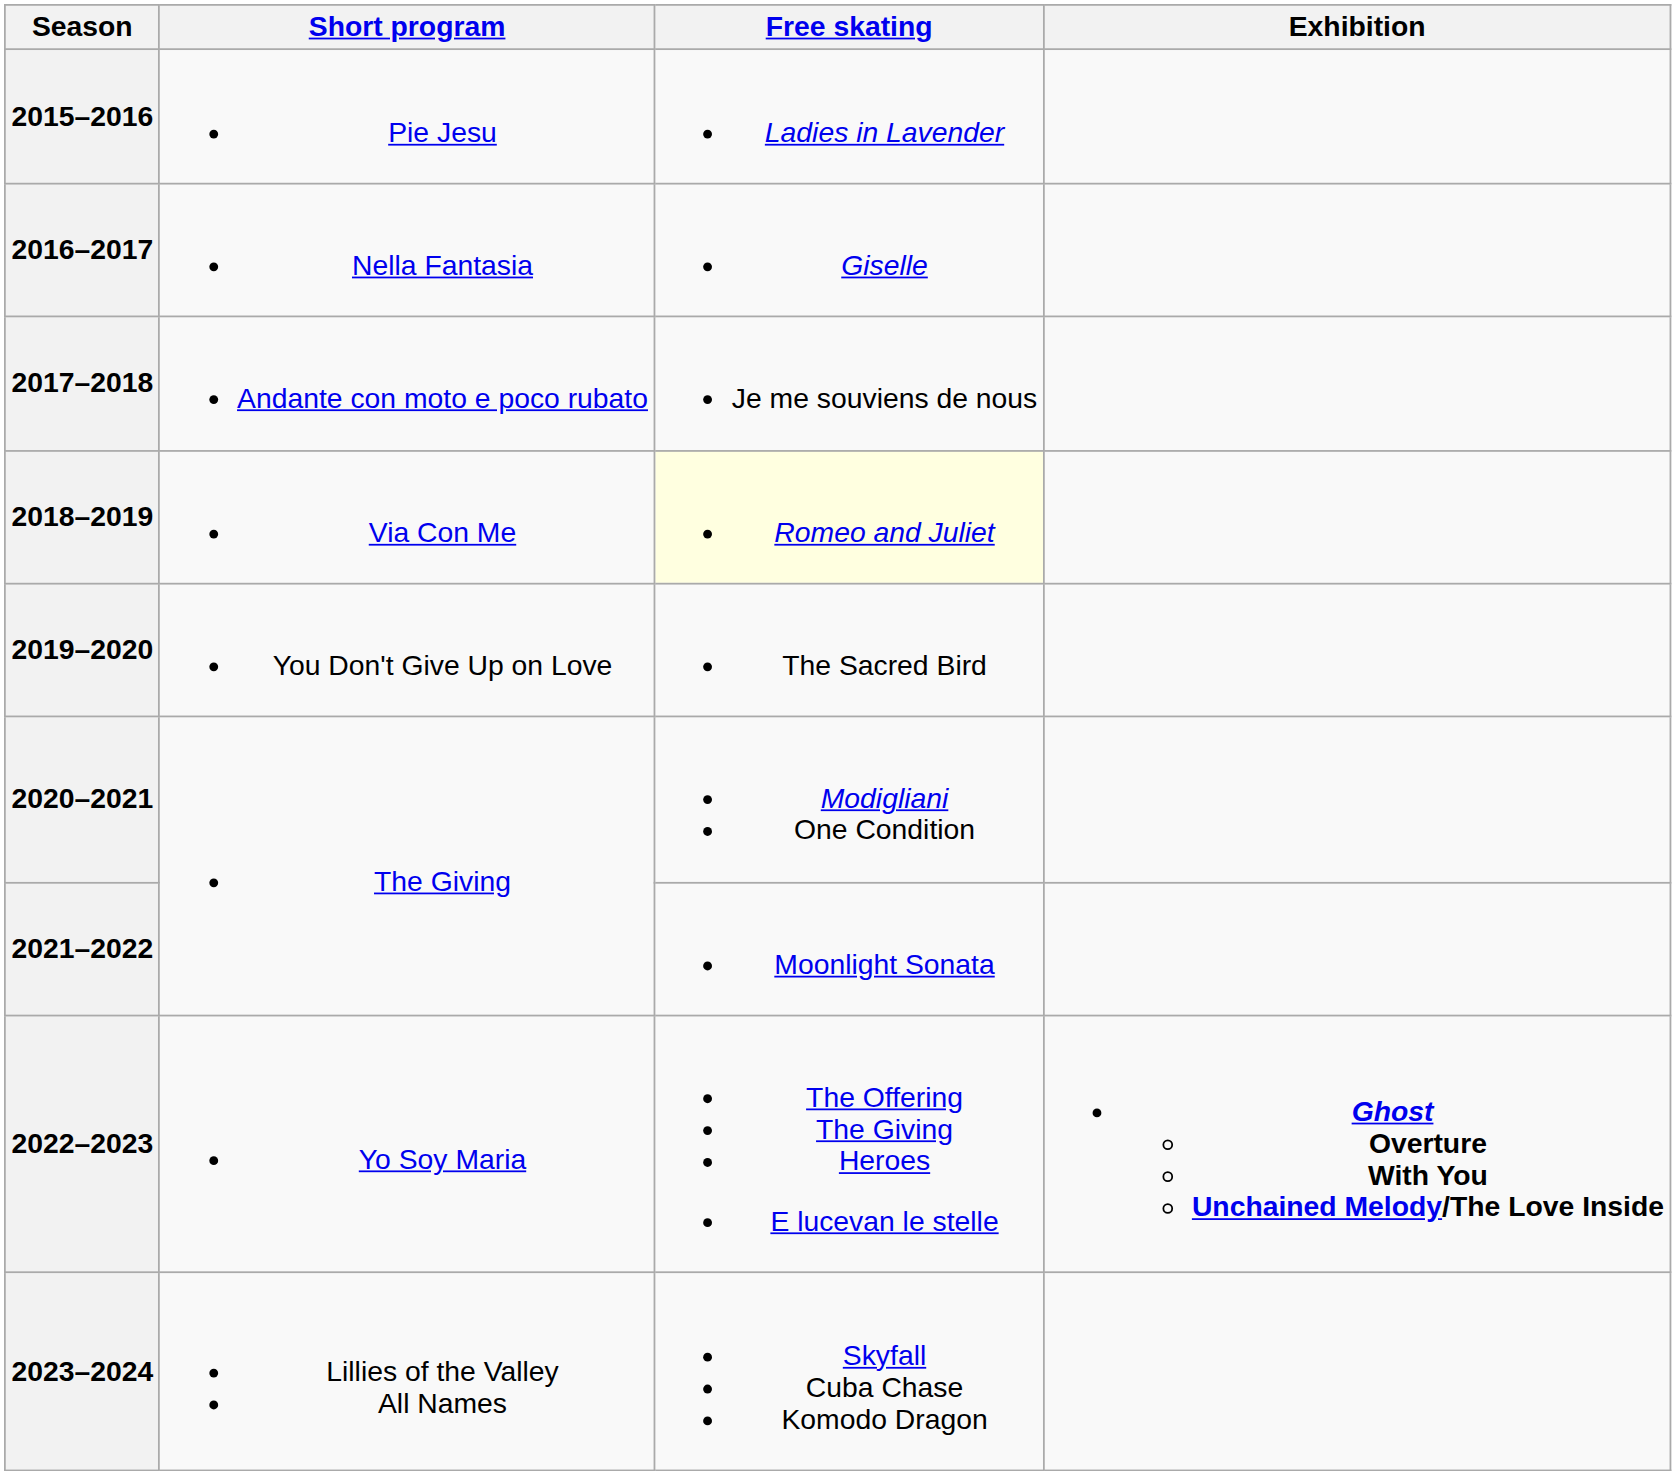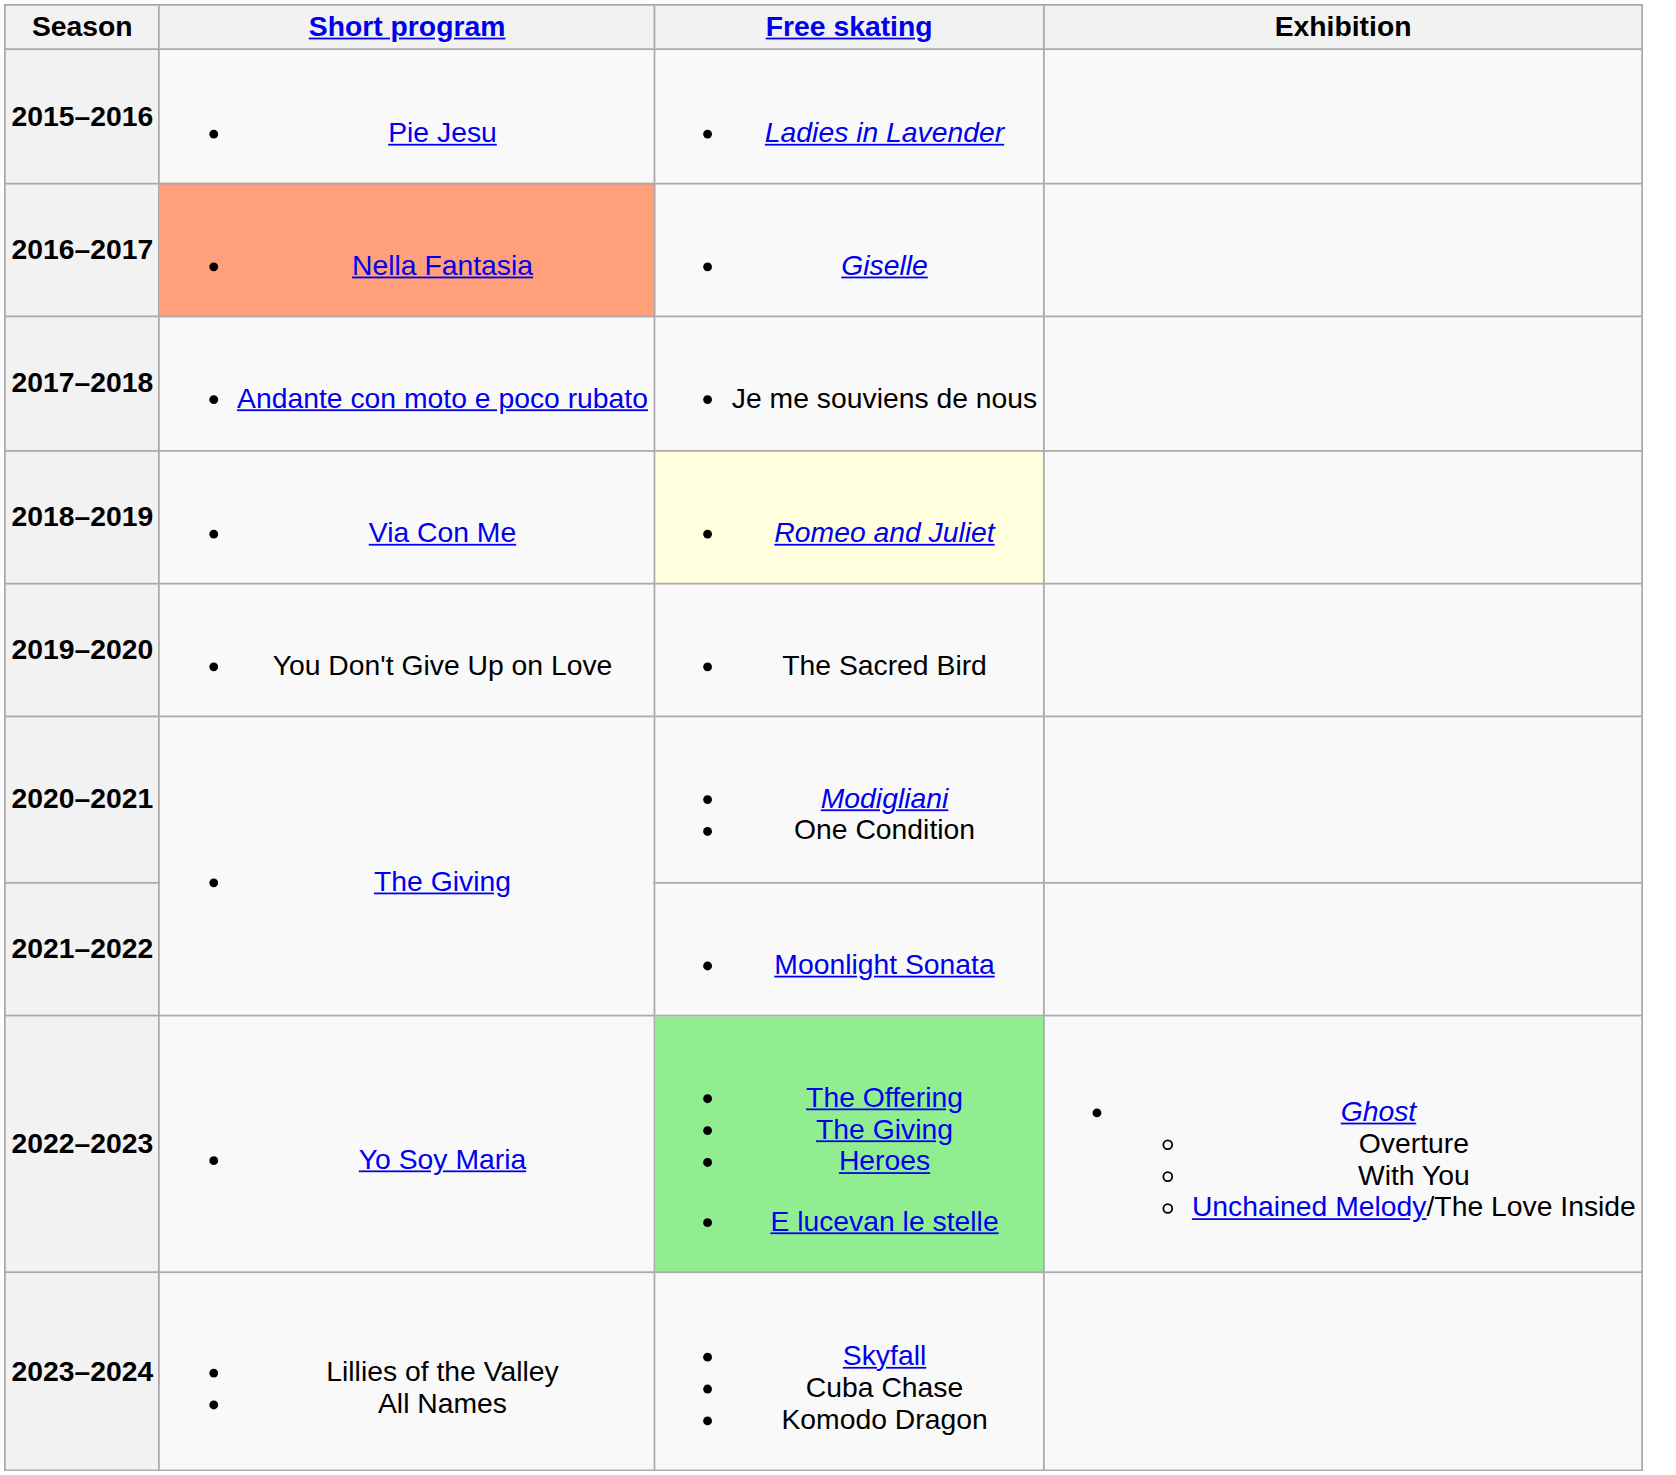 <table class="wikitable" style="text-align:center">
 <tr>
 <th>Season</th>
 <th><a href='#'>Short program</a></th>
 <th><a href='#'>Free skating</a></th>
 <th>Exhibition</th>
 </tr>
 <tr>
 <th>2015–2016<br></th>
 <td><br><ul><li><a href='#'>Pie Jesu</a><br></li></ul></td>
 <td><br><ul><li><em><a href='#'>Ladies in Lavender</a></em><br></li></ul></td>
 <td></td>
 </tr>
 <tr>
 <th>2016–2017<br></th>
-<td><br><ul><li><a href='#'>Nella Fantasia</a><br></li></ul></td>
+<td style="background: lightsalmon;"><br><ul><li><a href='#'>Nella Fantasia</a><br></li></ul></td>
 <td><br><ul><li><em><a href='#'>Giselle</a></em><br></li></ul></td>
 <td></td>
 </tr>
 <tr>
 <th>2017–2018<br></th>
 <td><br><ul><li><a href='#'>Andante con moto e poco rubato</a><br></li></ul></td>
 <td><br><ul><li>Je me souviens de nous<br></li></ul></td>
 <td></td>
 </tr>
 <tr>
 <th>2018–2019<br></th>
 <td><br><ul><li><a href='#'>Via Con Me</a><br></li></ul></td>
 <td style="background: lightyellow;"><br><ul><li><em><a href='#'>Romeo and Juliet</a></em><br></li></ul></td>
 <td></td>
 </tr>
 <tr>
 <th>2019–2020<br></th>
 <td><br><ul><li>You Don't Give Up on Love<br></li></ul></td>
 <td><br><ul><li>The Sacred Bird<br></li></ul></td>
 <td></td>
 </tr>
 <tr>
 <th>2020–2021<br></th>
 <td rowspan=2><br><ul><li><a href='#'>The Giving</a><br></li></ul></td>
 <td><br><ul><li><a href='#'><em>Modigliani</em></a></li><li>One Condition<br></li></ul></td>
 <td></td>
 </tr>
 <tr>
 <th>2021–2022 <br> </th>
 <td><br><ul><li><a href='#'>Moonlight Sonata</a><br></li></ul></td>
 <td></td>
 </tr>
 <tr>
 <th>2022–2023 <br> </th>
 <td><br><ul><li><a href='#'>Yo Soy Maria</a><br></li></ul></td>
-<td><br><ul><li><a href='#'>The Offering</a></li><li><a href='#'>The Giving</a></li><li><a href='#'>Heroes</a><br></li></ul><ul><li><a href='#'>E lucevan le stelle</a><br></li></ul></td>
-<td><strong><br><ul><li><em><a href='#'>Ghost</a></em><ul><li>Overture <br></li><li>With You <br></li><li><a href='#'>Unchained Melody</a>/The Love Inside <br> </li></ul></li></ul></strong></td>
+<td style="background: lightgreen;"><br><ul><li><a href='#'>The Offering</a></li><li><a href='#'>The Giving</a></li><li><a href='#'>Heroes</a><br></li></ul><ul><li><a href='#'>E lucevan le stelle</a><br></li></ul></td>
+<td><br><ul><li><em><a href='#'>Ghost</a></em><ul><li>Overture <br></li><li>With You <br></li><li><a href='#'>Unchained Melody</a>/The Love Inside <br> </li></ul></li></ul></td>
 </tr>
 <tr>
 <th>2023–2024 <br> </th>
 <td><br><ul><li>Lillies of the Valley</li><li>All Names </li></ul></td>
 <td><br><ul><li><a href='#'>Skyfall</a> </li><li>Cuba Chase </li><li>Komodo Dragon </li></ul></td>
 <td></td>
 </tr>
 </table>
